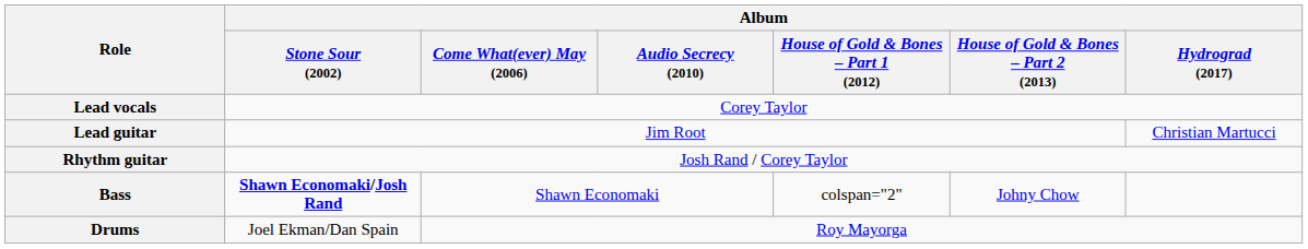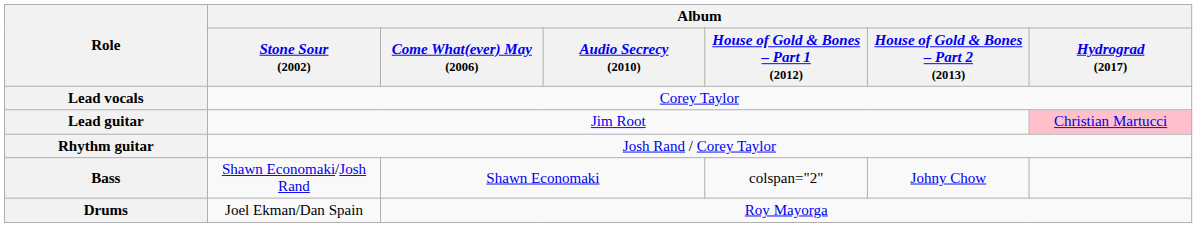 <table class="wikitable" style="text-align:center; width:100%;">
 <tr>
 <th rowspan="2" style="width:10%;">Role</th>
 <th colspan="6" style="text-align:center;">Album</th>
 </tr>
 <tr>
 <th style="text-align:center; width:8%;"><em><a href='#'>Stone Sour</a></em><br><small>(2002)</small></th>
 <th style="text-align:center; width:8%;"><em><a href='#'>Come What(ever) May</a></em><br><small>(2006)</small></th>
 <th style="text-align:center; width:8%;"><em><a href='#'>Audio Secrecy</a></em><br><small>(2010)</small></th>
 <th style="text-align:center; width:8%;"><em><a href='#'>House of Gold & Bones – Part 1</a></em><br><small>(2012)</small></th>
 <th style="text-align:center; width:8%;"><em><a href='#'>House of Gold & Bones – Part 2</a></em><br><small>(2013)</small></th>
 <th style="text-align:center; width:8%;"><em><a href='#'>Hydrograd</a></em><br><small>(2017)</small></th>
 </tr>
 <tr>
 <th>Lead vocals</th>
 <td colspan="6"><a href='#'>Corey Taylor</a></td>
 </tr>
 <tr>
 <th>Lead guitar</th>
 <td colspan="5"><a href='#'>Jim Root</a></td>
-<td colspan="1"><a href='#'>Christian Martucci</a></td>
+<td colspan="1" style="background: pink;"><a href='#'>Christian Martucci</a></td>
 </tr>
 <tr>
 <th>Rhythm guitar</th>
 <td colspan="6"><a href='#'>Josh Rand</a> / <a href='#'>Corey Taylor</a></td>
 </tr>
 <tr>
 <th>Bass</th>
-<td colspan="1"><strong><a href='#'>Shawn Economaki</a>/<a href='#'>Josh Rand</a></strong></td>
+<td colspan="1"><a href='#'>Shawn Economaki</a>/<a href='#'>Josh Rand</a></td>
 <td colspan="2"><a href='#'>Shawn Economaki</a></td>
 <td>colspan="2" </td>
 <td colspan="1"><a href='#'>Johny Chow</a></td>
 </tr>
 <tr>
 <th>Drums</th>
 <td colspan="1">Joel Ekman/Dan Spain</td>
 <td colspan="5"><a href='#'>Roy Mayorga</a></td>
 </tr>
 </table>
